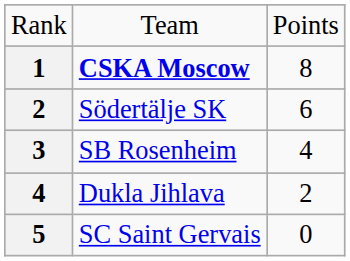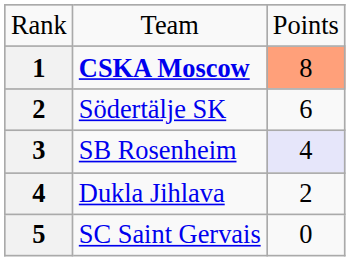 <table class="wikitable" style="text-align: center;">
 <tr>
 <td>Rank</td>
 <td>Team</td>
 <td>Points</td>
 </tr>
 <tr>
 <th>1</th>
 <td style="text-align: left;"> <strong><a href='#'>CSKA Moscow</a></strong></td>
-<td>8</td>
+<td style="background: lightsalmon;">8</td>
 </tr>
 <tr>
 <th>2</th>
 <td style="text-align: left;"> <a href='#'>Södertälje SK</a></td>
 <td>6</td>
 </tr>
 <tr>
 <th>3</th>
 <td style="text-align: left;"> <a href='#'>SB Rosenheim</a></td>
-<td>4</td>
+<td style="background: lavender;">4</td>
 </tr>
 <tr>
 <th>4</th>
 <td style="text-align: left;"> <a href='#'>Dukla Jihlava</a></td>
 <td>2</td>
 </tr>
 <tr>
 <th>5</th>
 <td style="text-align: left;"> <a href='#'>SC Saint Gervais</a></td>
 <td>0</td>
 </tr>
 </table>
